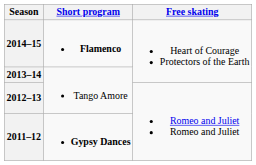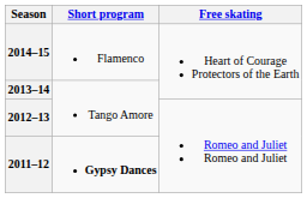 <table class=wikitable style=text-align:center>
 <tr>
 <th>Season</th>
 <th><a href='#'>Short program</a></th>
 <th><a href='#'>Free skating</a></th>
 </tr>
 <tr>
 <th>2014–15 <br> </th>
-<td><strong><br><ul><li>Flamenco <br></li></ul></strong></td>
+<td><br><ul><li>Flamenco <br></li></ul></td>
 <td rowspan=2><br><ul><li>Heart of Courage <br></li><li>Protectors of the Earth <br></li></ul></td>
 </tr>
 <tr>
 <th>2013–14 <br> </th>
 <td rowspan=2><br><ul><li>Tango Amore <br></li></ul></td>
 </tr>
 <tr>
 <th>2012–13 <br> </th>
 <td rowspan=2><br><ul><li><a href='#'>Romeo and Juliet</a> <br></li><li>Romeo and Juliet <br></li></ul></td>
 </tr>
 <tr>
 <th>2011–12 <br> </th>
 <td><strong><br><ul><li>Gypsy Dances</li></ul></strong></td>
 </tr>
 </table>
